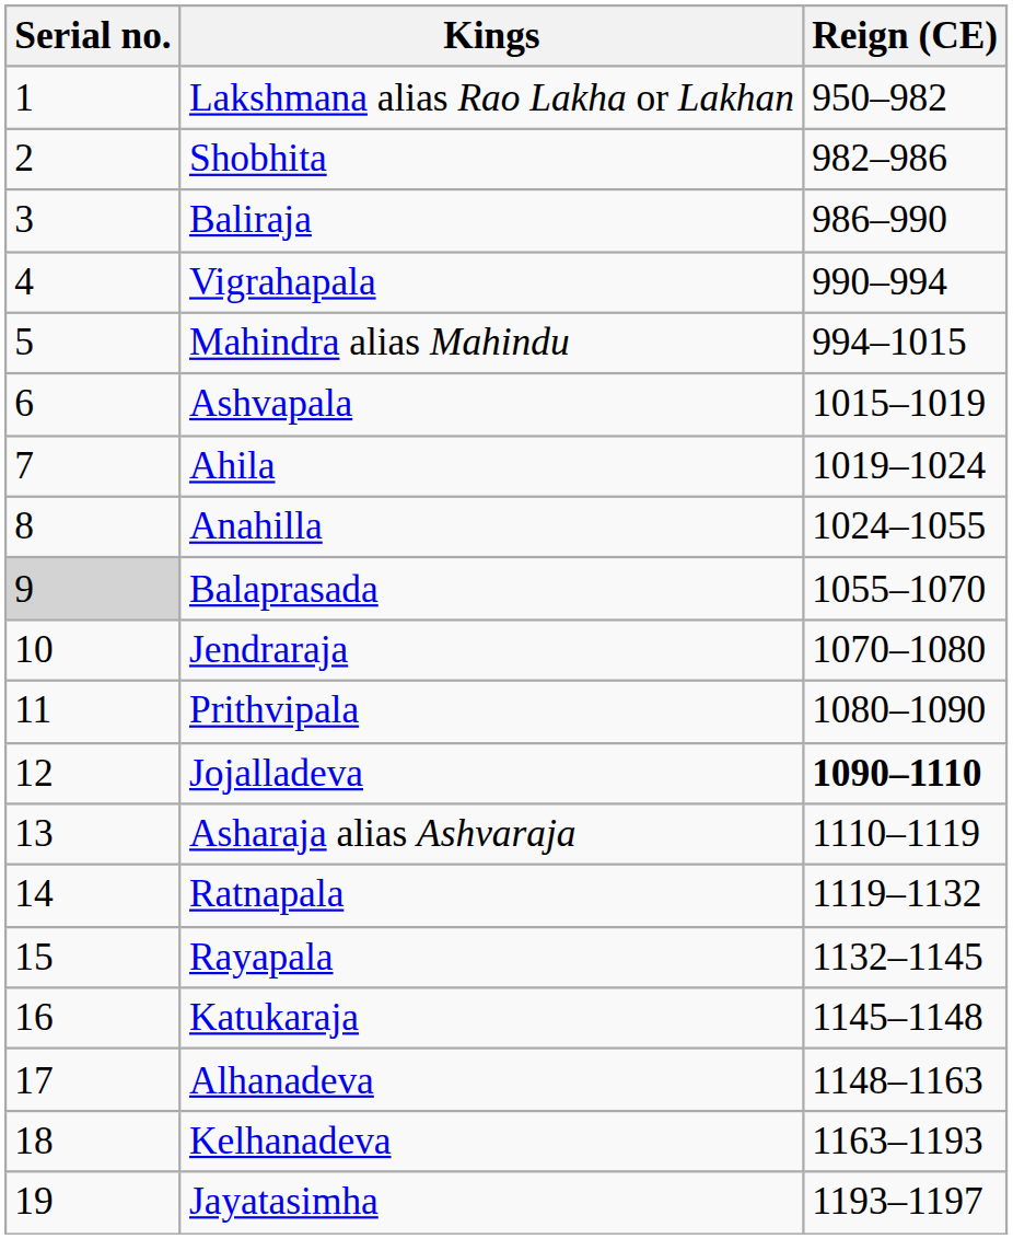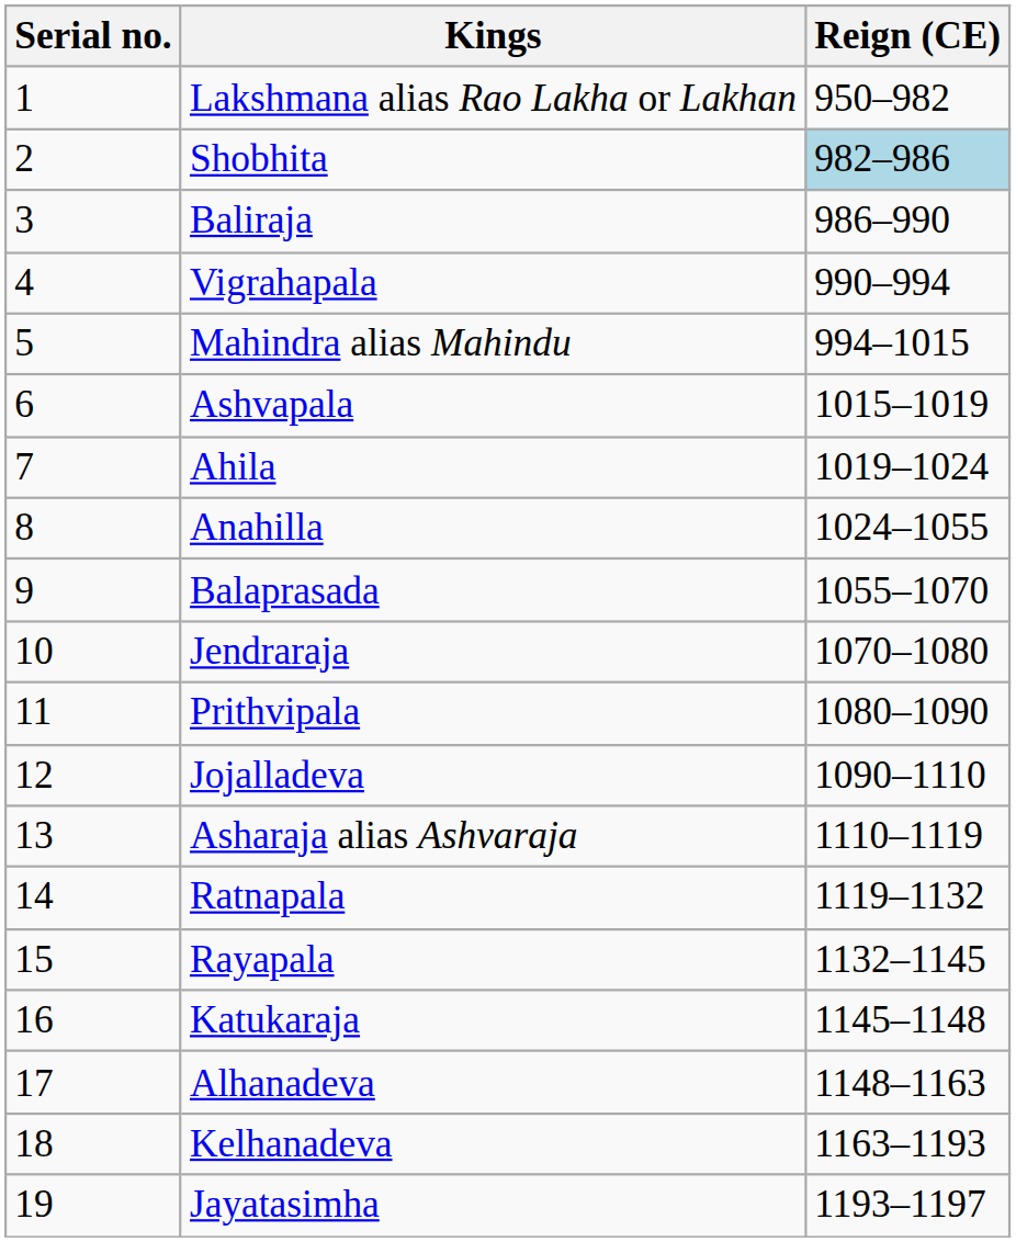 <table class="wikitable">
 <tr>
 <th>Serial no.</th>
 <th>Kings</th>
 <th>Reign (CE)</th>
 </tr>
 <tr>
 <td>1</td>
 <td><a href='#'>Lakshmana</a> alias <em>Rao Lakha</em> or <em>Lakhan</em></td>
 <td>950–982</td>
 </tr>
 <tr>
 <td>2</td>
 <td><a href='#'>Shobhita</a></td>
-<td>982–986</td>
+<td style="background: lightblue;">982–986</td>
 </tr>
 <tr>
 <td>3</td>
 <td><a href='#'>Baliraja</a></td>
 <td>986–990</td>
 </tr>
 <tr>
 <td>4</td>
 <td><a href='#'>Vigrahapala</a></td>
 <td>990–994</td>
 </tr>
 <tr>
 <td>5</td>
 <td><a href='#'>Mahindra</a> alias <em>Mahindu</em></td>
 <td>994–1015</td>
 </tr>
 <tr>
 <td>6</td>
 <td><a href='#'>Ashvapala</a></td>
 <td>1015–1019</td>
 </tr>
 <tr>
 <td>7</td>
 <td><a href='#'>Ahila</a></td>
 <td>1019–1024</td>
 </tr>
 <tr>
 <td>8</td>
 <td><a href='#'>Anahilla</a></td>
 <td>1024–1055</td>
 </tr>
 <tr>
-<td style="background: lightgrey;">9</td>
+<td>9</td>
 <td><a href='#'>Balaprasada</a></td>
 <td>1055–1070</td>
 </tr>
 <tr>
 <td>10</td>
 <td><a href='#'>Jendraraja</a></td>
 <td>1070–1080</td>
 </tr>
 <tr>
 <td>11</td>
 <td><a href='#'>Prithvipala</a></td>
 <td>1080–1090</td>
 </tr>
 <tr>
 <td>12</td>
 <td><a href='#'>Jojalladeva</a></td>
-<td><strong>1090–1110</strong></td>
+<td>1090–1110</td>
 </tr>
 <tr>
 <td>13</td>
 <td><a href='#'>Asharaja</a> alias <em>Ashvaraja</em></td>
 <td>1110–1119</td>
 </tr>
 <tr>
 <td>14</td>
 <td><a href='#'>Ratnapala</a></td>
 <td>1119–1132</td>
 </tr>
 <tr>
 <td>15</td>
 <td><a href='#'>Rayapala</a></td>
 <td>1132–1145</td>
 </tr>
 <tr>
 <td>16</td>
 <td><a href='#'>Katukaraja</a></td>
 <td>1145–1148</td>
 </tr>
 <tr>
 <td>17</td>
 <td><a href='#'>Alhanadeva</a></td>
 <td>1148–1163</td>
 </tr>
 <tr>
 <td>18</td>
 <td><a href='#'>Kelhanadeva</a></td>
 <td>1163–1193</td>
 </tr>
 <tr>
 <td>19</td>
 <td><a href='#'>Jayatasimha</a></td>
 <td>1193–1197</td>
 </tr>
 <tr>
 </tr>
 </table>
